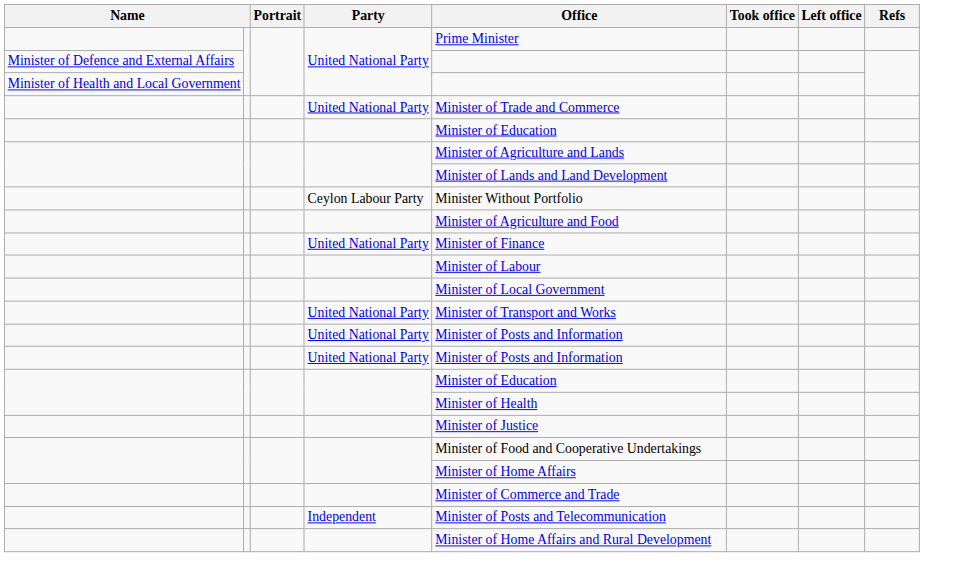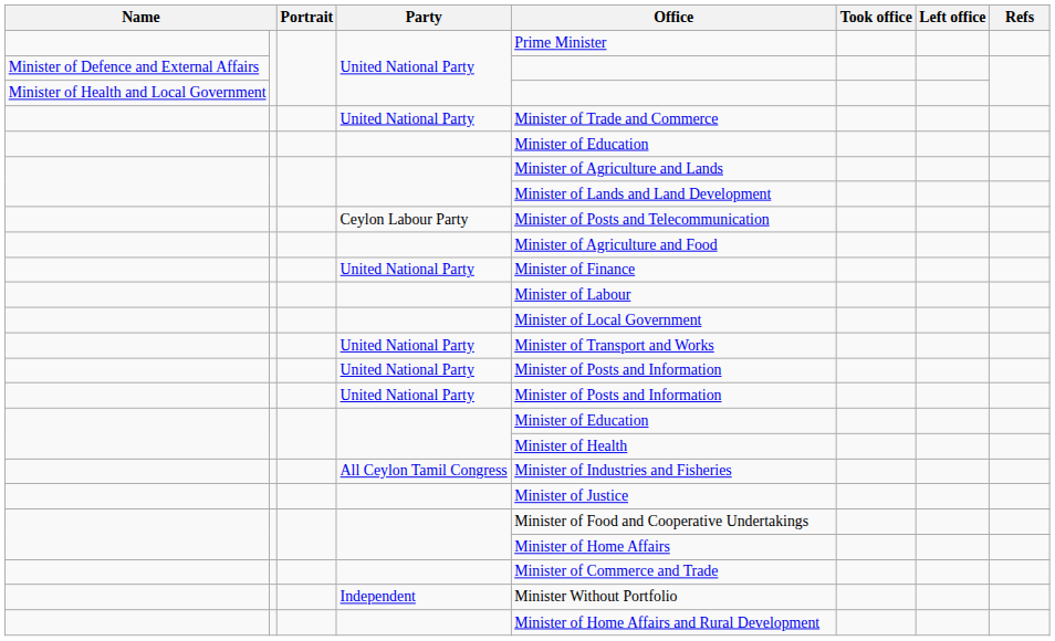 <table class="wikitable plainrowheaders sortable" style="font-size:90%; text-align:left;">
 <tr>
 <th scope=col colspan="2">Name</th>
 <th scope=col class=unsortable>Portrait</th>
 <th scope=col>Party</th>
 <th scope=col width=300px>Office</th>
 <th scope=col>Took office</th>
 <th scope=col>Left office</th>
 <th scope=col width=50px class=unsortable>Refs</th>
 </tr>
 <tr>
 <td !align="center" style="background:"></td>
 <td rowspan=3></td>
 <td align=center rowspan=3></td>
 <td rowspan=3><a href='#'>United National Party</a></td>
 <td><a href='#'>Prime Minister</a></td>
 <td align=center></td>
 <td align=center></td>
 <td align=center></td>
 </tr>
 <tr>
 <td><a href='#'>Minister of Defence and External Affairs</a></td>
 <td align=center></td>
 <td align=center></td>
 <td align=center></td>
 </tr>
 <tr>
 <td><a href='#'>Minister of Health and Local Government</a></td>
 <td align=center></td>
 <td align=center></td>
 <td align=center></td>
 </tr>
 <tr>
 <td !align="center" style="background:"></td>
 <td></td>
 <td align=center></td>
 <td><a href='#'>United National Party</a></td>
 <td><a href='#'>Minister of Trade and Commerce</a></td>
 <td align=center></td>
 <td align=center></td>
 <td align=center></td>
 </tr>
 <tr>
 <td !align="center" style="background:"></td>
 <td></td>
 <td align=center></td>
 <td></td>
 <td><a href='#'>Minister of Education</a></td>
 <td align=center></td>
 <td align=center></td>
 <td align=center></td>
 </tr>
 <tr>
 <td rowspan=2></td>
 <td rowspan=2></td>
 <td align=center rowspan=2></td>
 <td rowspan=2></td>
 <td><a href='#'>Minister of Agriculture and Lands</a></td>
 <td align=center></td>
 <td align=center></td>
 <td align=center></td>
 </tr>
 <tr>
 <td><a href='#'>Minister of Lands and Land Development</a></td>
 <td align=center></td>
 <td></td>
 <td align=center></td>
 </tr>
 <tr>
 <td !align="center" style="background:"></td>
 <td></td>
 <td align=center></td>
 <td>Ceylon Labour Party</td>
-<td>Minister Without Portfolio</td>
+<td><a href='#'>Minister of Posts and Telecommunication</a></td>
 <td align=center></td>
 <td align=center></td>
 <td align=center></td>
 </tr>
 <tr>
 <td></td>
 <td></td>
 <td align=center></td>
 <td></td>
 <td><a href='#'>Minister of Agriculture and Food</a></td>
 <td align=center></td>
 <td></td>
 <td align=center></td>
 </tr>
 <tr>
 <td !align="center" style="background:"></td>
 <td></td>
 <td align=center></td>
 <td><a href='#'>United National Party</a></td>
 <td><a href='#'>Minister of Finance</a></td>
 <td align=center></td>
 <td align=center></td>
 <td align=center></td>
 </tr>
 <tr>
 <td></td>
 <td></td>
 <td align=center></td>
 <td></td>
 <td><a href='#'>Minister of Labour</a></td>
 <td align=center></td>
 <td></td>
 <td align=center></td>
 </tr>
 <tr>
 <td></td>
 <td></td>
 <td align=center></td>
 <td></td>
 <td><a href='#'>Minister of Local Government</a></td>
 <td align=center></td>
 <td align=center></td>
 <td align=center></td>
 </tr>
 <tr>
 <td !align="center" style="background:"></td>
 <td></td>
 <td align=center></td>
 <td><a href='#'>United National Party</a></td>
 <td><a href='#'>Minister of Transport and Works</a></td>
 <td align=center></td>
 <td></td>
 <td align=center></td>
 </tr>
 <tr>
 <td !align="center" style="background:"></td>
 <td></td>
 <td align=center></td>
 <td><a href='#'>United National Party</a></td>
 <td><a href='#'>Minister of Posts and Information</a></td>
 <td align=center></td>
 <td align=center></td>
 <td align=center></td>
 </tr>
 <tr>
 <td !align="center" style="background:"></td>
 <td></td>
 <td align=center></td>
 <td><a href='#'>United National Party</a></td>
 <td><a href='#'>Minister of Posts and Information</a></td>
 <td align=center></td>
 <td align=center></td>
 <td align=center></td>
 </tr>
 <tr>
 <td rowspan=2></td>
 <td rowspan=2></td>
 <td align=center rowspan=2></td>
 <td rowspan=2></td>
 <td><a href='#'>Minister of Education</a></td>
 <td align=center></td>
 <td align=center></td>
 <td align=center></td>
 </tr>
 <tr>
 <td><a href='#'>Minister of Health</a></td>
 <td align=center></td>
 <td align=center></td>
 <td align=center></td>
 </tr>
 <tr>
+<td !align="center" style="background:"></td>
+<td></td>
+<td align=center></td>
+<td><a href='#'>All Ceylon Tamil Congress</a></td>
+<td><a href='#'>Minister of Industries and Fisheries</a></td>
+<td align=center></td>
+<td></td>
+<td align=center></td>
+</tr>
+<tr>
 <td></td>
 <td></td>
 <td align=center></td>
 <td></td>
 <td><a href='#'>Minister of Justice</a></td>
 <td align=center></td>
 <td></td>
 <td align=center></td>
 </tr>
 <tr>
 <td rowspan=2></td>
 <td rowspan=2></td>
 <td align=center rowspan=2></td>
 <td rowspan=2></td>
 <td>Minister of Food and Cooperative Undertakings</td>
 <td align=center></td>
 <td align=center></td>
 <td align=center></td>
 </tr>
 <tr>
 <td><a href='#'>Minister of Home Affairs</a></td>
 <td align=center></td>
 <td align=center></td>
 <td align=center></td>
 </tr>
 <tr>
 <td></td>
 <td></td>
 <td align=center></td>
 <td></td>
 <td><a href='#'>Minister of Commerce and Trade</a></td>
 <td align=center></td>
 <td></td>
 <td align=center></td>
 </tr>
 <tr>
 <td !align="center" style="background:"></td>
 <td></td>
 <td align=center></td>
 <td><a href='#'>Independent</a></td>
-<td><a href='#'>Minister of Posts and Telecommunication</a></td>
+<td>Minister Without Portfolio</td>
 <td align=center></td>
 <td align=center></td>
 <td align=center></td>
 </tr>
 <tr>
 <td></td>
 <td></td>
 <td align=center></td>
 <td></td>
 <td><a href='#'>Minister of Home Affairs and Rural Development</a></td>
 <td align=center></td>
 <td align=center></td>
 <td align=center></td>
 </tr>
 </table>
